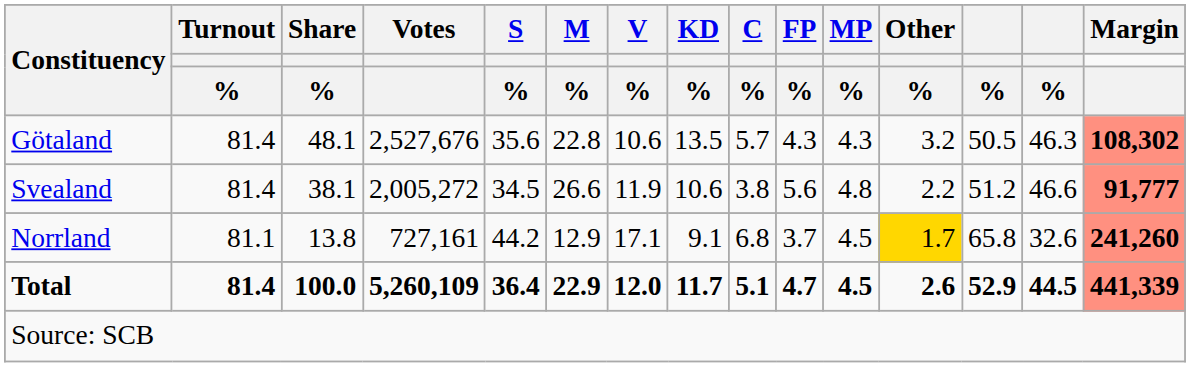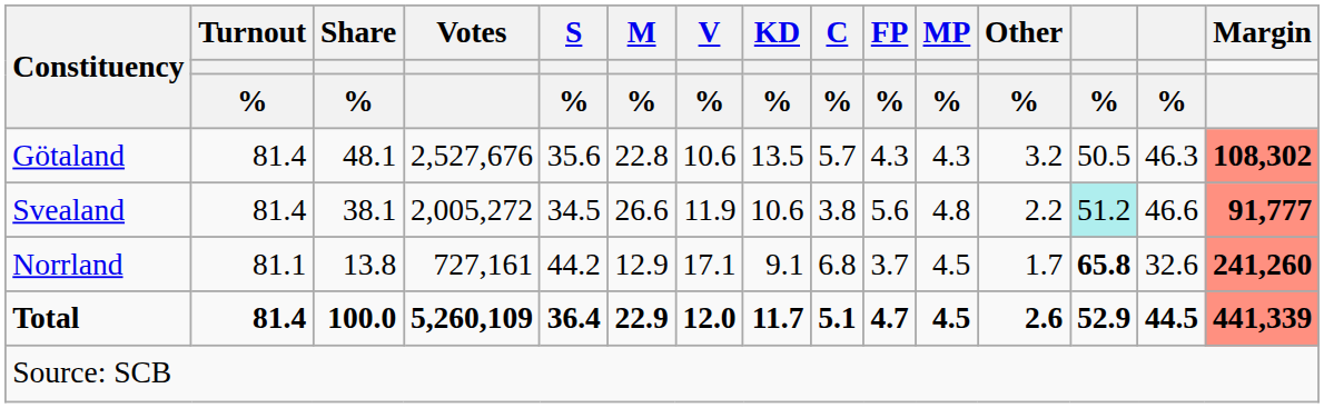 <table class="wikitable sortable" style="text-align:right; font-size:95%; line-height:20px;">
 <tr>
 <th rowspan="3">Constituency</th>
 <th>Turnout</th>
 <th>Share</th>
 <th>Votes</th>
 <th width="30px" class="unsortable"><a href='#'>S</a></th>
 <th width="30px" class="unsortable"><a href='#'>M</a></th>
 <th width="30px" class="unsortable"><a href='#'>V</a></th>
 <th width="30px" class="unsortable"><a href='#'>KD</a></th>
 <th width="30px" class="unsortable"><a href='#'>C</a></th>
 <th width="30px" class="unsortable"><a href='#'>FP</a></th>
 <th width="30px" class="unsortable"><a href='#'>MP</a></th>
 <th width="30px" class="unsortable">Other</th>
 <th></th>
 <th></th>
 <th>Margin</th>
 </tr>
 <tr>
 <th></th>
 <th></th>
 <th></th>
 <th style="background:"></th>
 <th style="background:"></th>
 <th style="background:"></th>
 <th style="background:"></th>
 <th style="background:"></th>
 <th style="background:"></th>
 <th style="background:"></th>
 <th style="background:"></th>
 <th style="background:"></th>
 <th style="background:"></th>
 </tr>
 <tr>
 <th data-sort-type="number">%</th>
 <th data-sort-type="number">%</th>
 <th></th>
 <th data-sort-type="number">%</th>
 <th data-sort-type="number">%</th>
 <th data-sort-type="number">%</th>
 <th data-sort-type="number">%</th>
 <th data-sort-type="number">%</th>
 <th data-sort-type="number">%</th>
 <th data-sort-type="number">%</th>
 <th data-sort-type="number">%</th>
 <th data-sort-type="number">%</th>
 <th data-sort-type="number">%</th>
 <th data-sort-type="number"></th>
 </tr>
 <tr>
 <td align=left><a href='#'>Götaland</a></td>
 <td>81.4</td>
 <td>48.1</td>
 <td>2,527,676</td>
 <td>35.6</td>
 <td>22.8</td>
 <td>10.6</td>
 <td>13.5</td>
 <td>5.7</td>
 <td>4.3</td>
 <td>4.3</td>
 <td>3.2</td>
 <td>50.5</td>
 <td>46.3</td>
 <td bgcolor=#ff908><strong>108,302</strong></td>
 </tr>
 <tr>
 <td align=left><a href='#'>Svealand</a></td>
 <td>81.4</td>
 <td>38.1</td>
 <td>2,005,272</td>
 <td>34.5</td>
 <td>26.6</td>
 <td>11.9</td>
 <td>10.6</td>
 <td>3.8</td>
 <td>5.6</td>
 <td>4.8</td>
 <td>2.2</td>
-<td>51.2</td>
+<td style="background: paleturquoise;">51.2</td>
 <td>46.6</td>
 <td bgcolor=#ff908><strong>91,777</strong></td>
 </tr>
 <tr>
 <td align=left><a href='#'>Norrland</a></td>
 <td>81.1</td>
 <td>13.8</td>
 <td>727,161</td>
 <td>44.2</td>
 <td>12.9</td>
 <td>17.1</td>
 <td>9.1</td>
 <td>6.8</td>
 <td>3.7</td>
 <td>4.5</td>
-<td style="background: gold;">1.7</td>
-<td>65.8</td>
+<td>1.7</td>
+<td><strong>65.8</strong></td>
 <td>32.6</td>
 <td bgcolor=#ff908><strong>241,260</strong></td>
 </tr>
 <tr>
 <td align=left><strong>Total</strong></td>
 <td><strong>81.4</strong></td>
 <td><strong>100.0</strong></td>
 <td><strong>5,260,109</strong></td>
 <td><strong>36.4</strong></td>
 <td><strong>22.9</strong></td>
 <td><strong>12.0</strong></td>
 <td><strong>11.7</strong></td>
 <td><strong>5.1</strong></td>
 <td><strong>4.7</strong></td>
 <td><strong>4.5</strong></td>
 <td><strong>2.6</strong></td>
 <td><strong>52.9</strong></td>
 <td><strong>44.5</strong></td>
 <td bgcolor=#ff908><strong>441,339</strong></td>
 </tr>
 <tr>
 <td align=left colspan=15>Source: SCB </td>
 </tr>
 </table>
